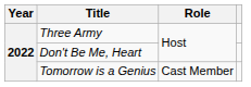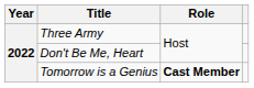 <table class="wikitable plainrowheaders">
 <tr>
 <th scope="col">Year</th>
 <th scope="col">Title</th>
 <th scope="col">Role</th>
 <th scope="col" class="unsortable"></th>
 </tr>
 <tr>
 <th scope="row" rowspan=3>2022</th>
 <td><em>Three Army</em></td>
 <td rowspan=2>Host</td>
 <td></td>
 </tr>
 <tr>
 <td><em>Don't Be Me, Heart</em></td>
 <td></td>
 </tr>
 <tr>
 <td><em>Tomorrow is a Genius</em></td>
-<td>Cast Member</td>
+<td><strong>Cast Member</strong></td>
 <td></td>
 </tr>
 </table>
